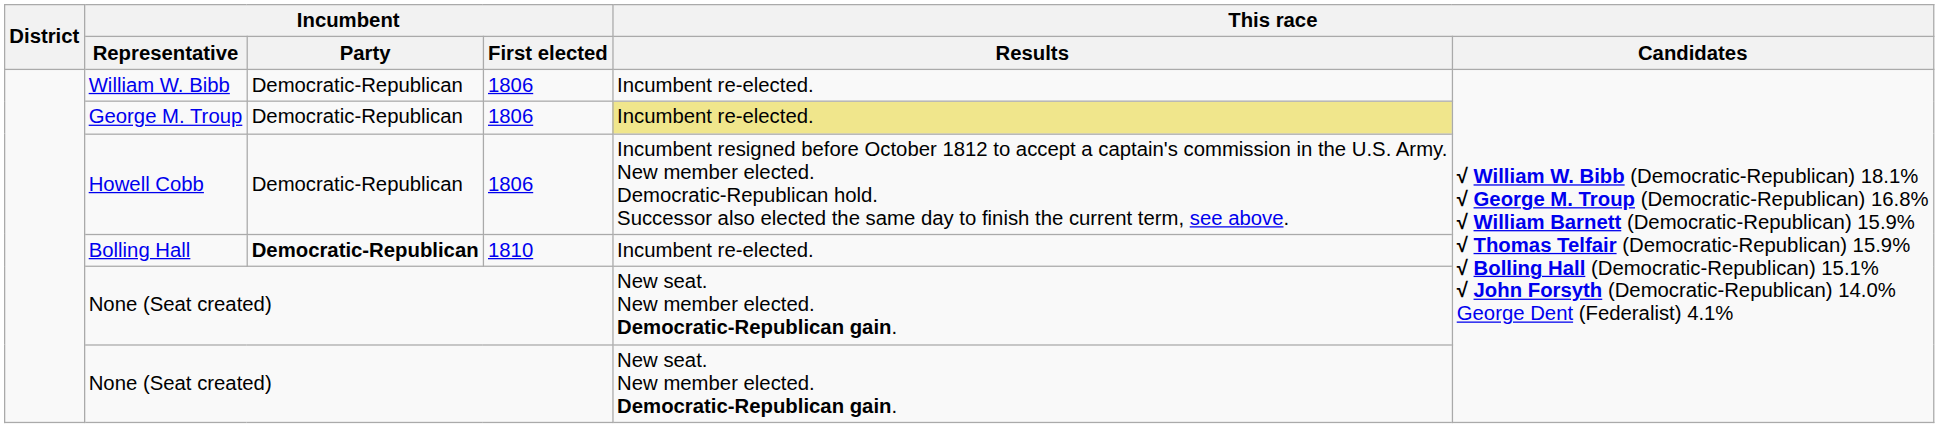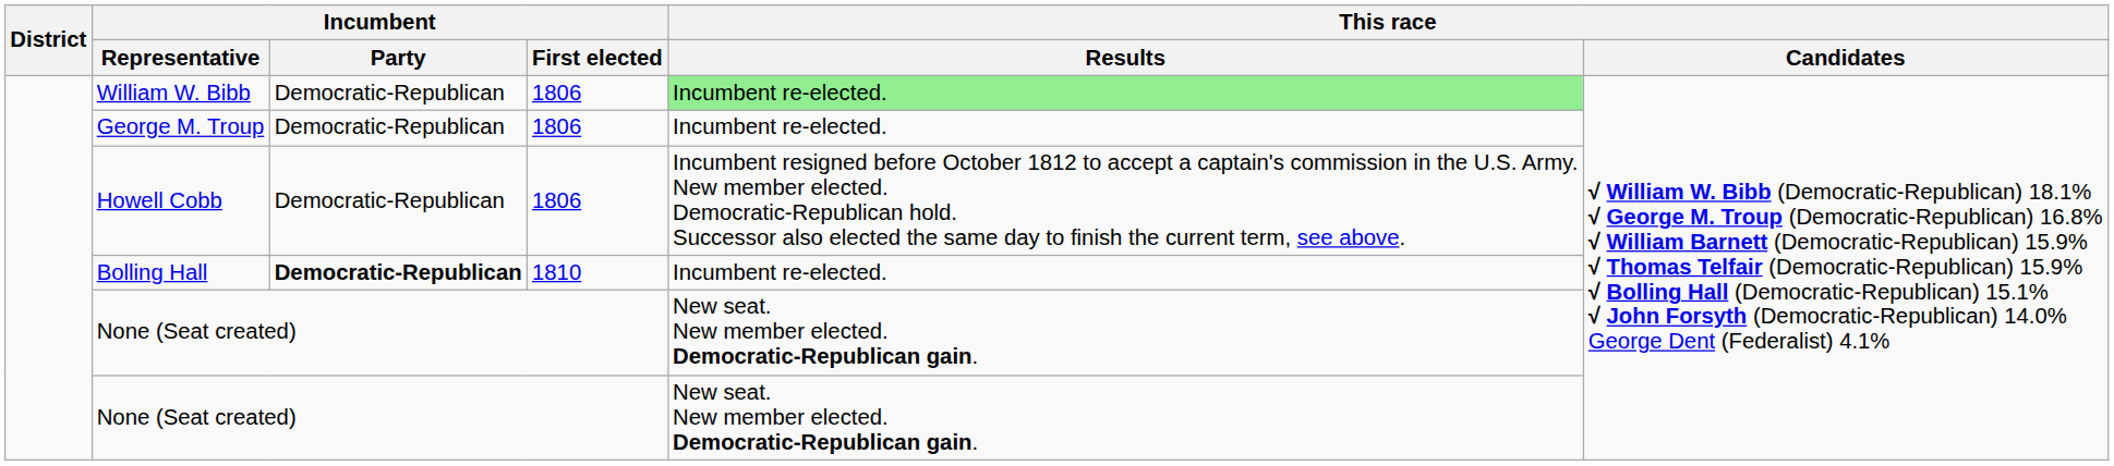 <table class=wikitable>
 <tr>
 <th rowspan=2>District</th>
 <th colspan=3>Incumbent</th>
 <th colspan=2>This race</th>
 </tr>
 <tr>
 <th>Representative</th>
 <th>Party</th>
 <th>First elected</th>
 <th>Results</th>
 <th>Candidates</th>
 </tr>
 <tr>
 <td rowspan=6><br></td>
 <td><a href='#'>William W. Bibb</a></td>
 <td>Democratic-Republican</td>
 <td><a href='#'>1806</a></td>
-<td>Incumbent re-elected.</td>
+<td style="background: lightgreen;">Incumbent re-elected.</td>
 <td rowspan=6 nowrap><strong>√ <a href='#'>William W. Bibb</a></strong> (Democratic-Republican) 18.1%<br><strong>√ <a href='#'>George M. Troup</a></strong> (Democratic-Republican) 16.8%<br><strong>√ <a href='#'>William Barnett</a></strong> (Democratic-Republican) 15.9%<br><strong>√ <a href='#'>Thomas Telfair</a></strong> (Democratic-Republican) 15.9%<br><strong>√ <a href='#'>Bolling Hall</a></strong> (Democratic-Republican) 15.1%<br><strong>√ <a href='#'>John Forsyth</a></strong> (Democratic-Republican) 14.0%<br><a href='#'>George Dent</a> (Federalist) 4.1%</td>
 </tr>
 <tr>
 <td><a href='#'>George M. Troup</a></td>
 <td>Democratic-Republican</td>
 <td><a href='#'>1806</a></td>
-<td style="background: khaki;">Incumbent re-elected.</td>
+<td>Incumbent re-elected.</td>
 </tr>
 <tr>
 <td><a href='#'>Howell Cobb</a></td>
 <td>Democratic-Republican</td>
 <td><a href='#'>1806</a></td>
 <td>Incumbent resigned before October 1812 to accept a captain's commission in the U.S. Army.<br>New member elected.<br>Democratic-Republican hold.<br>Successor also elected the same day to finish the current term, <a href='#'>see above</a>.</td>
 </tr>
 <tr>
 <td><a href='#'>Bolling Hall</a></td>
 <td><strong>Democratic-Republican</strong></td>
 <td><a href='#'>1810</a></td>
 <td>Incumbent re-elected.</td>
 </tr>
 <tr>
 <td colspan=3>None (Seat created)</td>
 <td>New seat.<br>New member elected.<br><strong>Democratic-Republican gain</strong>.</td>
 </tr>
 <tr>
 <td colspan=3>None (Seat created)</td>
 <td>New seat.<br>New member elected.<br><strong>Democratic-Republican gain</strong>.</td>
 </tr>
 </table>
